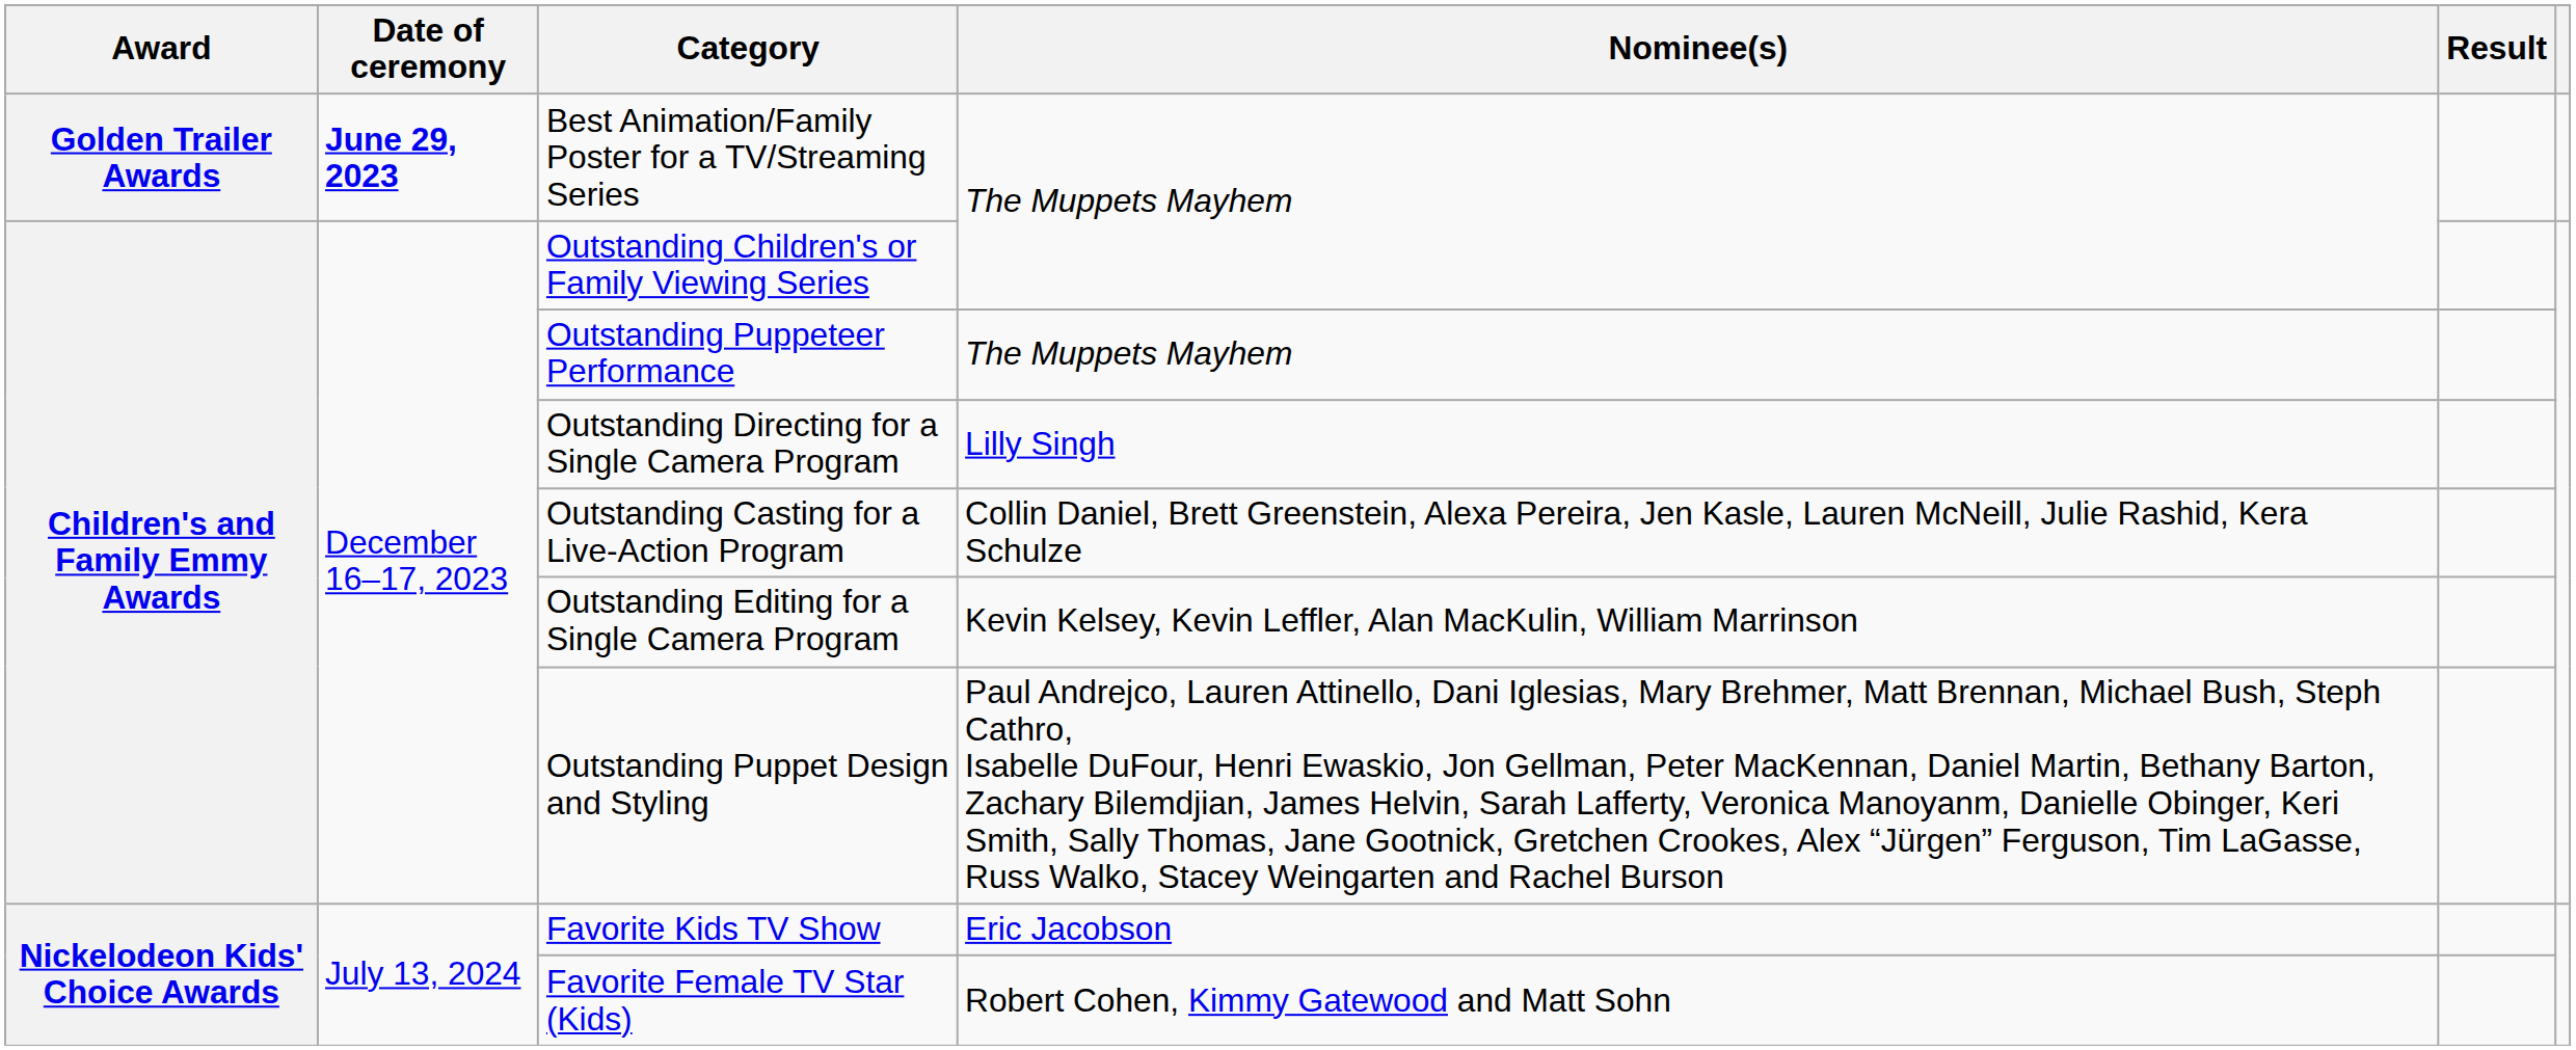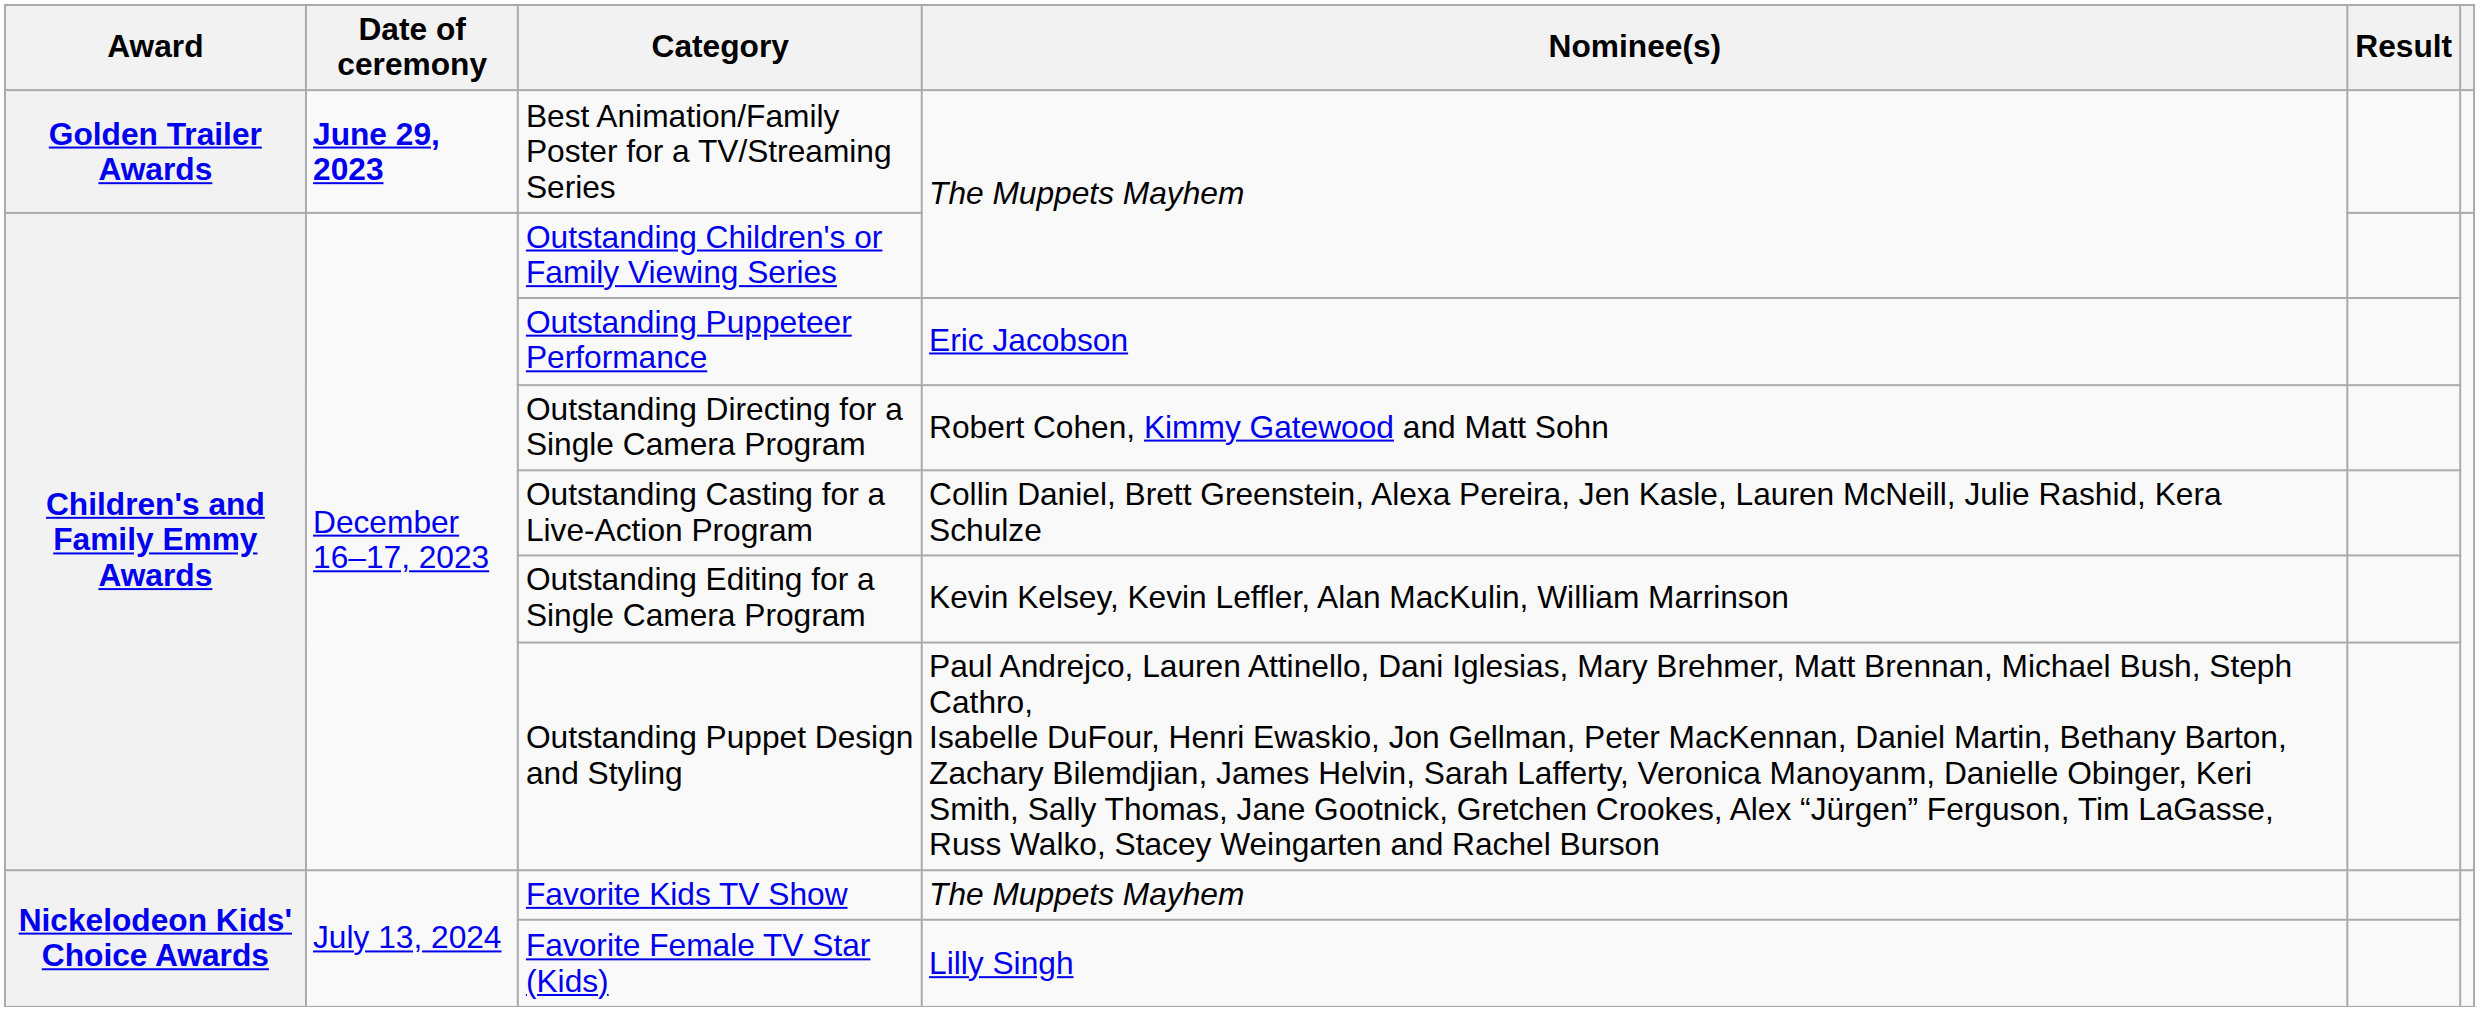 <table class="wikitable plainrowheaders">
 <tr>
 <th scope="col">Award</th>
 <th scope="col">Date of ceremony</th>
 <th scope="col">Category</th>
 <th scope="col">Nominee(s)</th>
 <th scope="col">Result</th>
 <th scope="col"></th>
 </tr>
 <tr>
 <th scope="row"><a href='#'>Golden Trailer Awards</a></th>
 <td><strong><a href='#'>June 29, 2023</a></strong></td>
 <td>Best Animation/Family Poster for a TV/Streaming Series</td>
 <td rowspan="2"><em>The Muppets Mayhem</em></td>
 <td></td>
 <td align="center"></td>
 </tr>
 <tr>
 <th scope="row" rowspan="6"><a href='#'>Children's and Family Emmy Awards</a></th>
 <td rowspan="6"><a href='#'>December 16–17, 2023</a></td>
 <td><a href='#'>Outstanding Children's or Family Viewing Series</a></td>
 <td></td>
 <td align="center" rowspan="6"></td>
 </tr>
 <tr>
 <td><a href='#'>Outstanding Puppeteer Performance</a></td>
-<td><em>The Muppets Mayhem</em></td>
+<td><a href='#'>Eric Jacobson</a></td>
 <td></td>
 </tr>
 <tr>
 <td>Outstanding Directing for a Single Camera Program</td>
-<td><a href='#'>Lilly Singh</a></td>
+<td>Robert Cohen, <a href='#'>Kimmy Gatewood</a> and Matt Sohn</td>
 <td></td>
 </tr>
 <tr>
 <td>Outstanding Casting for a Live-Action Program</td>
 <td>Collin Daniel, Brett Greenstein, Alexa Pereira, Jen Kasle, Lauren McNeill, Julie Rashid, Kera Schulze</td>
 <td></td>
 </tr>
 <tr>
 <td>Outstanding Editing for a Single Camera Program</td>
 <td>Kevin Kelsey, Kevin Leffler, Alan MacKulin, William Marrinson</td>
 <td></td>
 </tr>
 <tr>
 <td>Outstanding Puppet Design and Styling</td>
 <td>Paul Andrejco, Lauren Attinello, Dani Iglesias, Mary Brehmer, Matt Brennan, Michael Bush, Steph Cathro,<br>Isabelle DuFour, Henri Ewaskio, Jon Gellman, Peter MacKennan, Daniel Martin, Bethany Barton, Zachary Bilemdjian, James Helvin, Sarah Lafferty, Veronica Manoyanm, Danielle Obinger, Keri Smith, Sally Thomas, Jane Gootnick, Gretchen Crookes, Alex “Jürgen” Ferguson, Tim LaGasse, Russ Walko, Stacey Weingarten and Rachel Burson</td>
 <td></td>
 </tr>
 <tr>
 <th scope="row" rowspan="2"><a href='#'>Nickelodeon Kids' Choice Awards</a></th>
 <td rowspan="2"><a href='#'>July 13, 2024</a></td>
 <td><a href='#'>Favorite Kids TV Show</a></td>
-<td><a href='#'>Eric Jacobson</a></td>
+<td><em>The Muppets Mayhem</em></td>
 <td></td>
 <td align="center" rowspan="2"></td>
 </tr>
 <tr>
 <td><a href='#'>Favorite Female TV Star (Kids)</a></td>
-<td>Robert Cohen, <a href='#'>Kimmy Gatewood</a> and Matt Sohn</td>
+<td><a href='#'>Lilly Singh</a></td>
 <td></td>
 </tr>
 </table>
